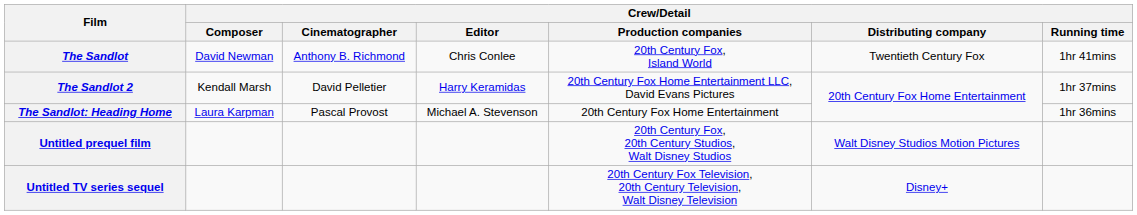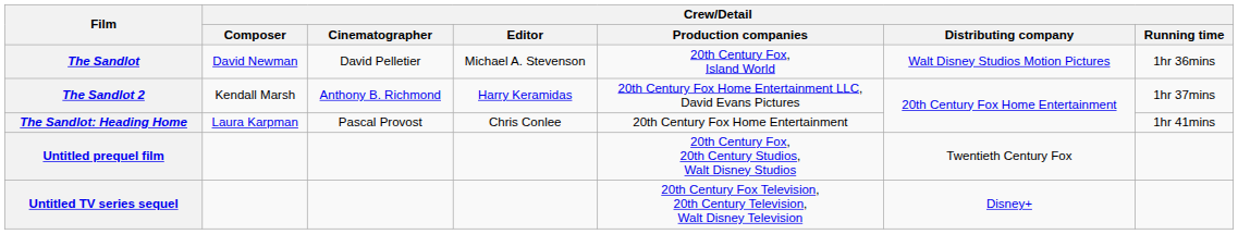 <table class="wikitable sortable" style="text-align:center; width:99%;">
 <tr>
 <th rowspan="2">Film</th>
 <th colspan="7">Crew/Detail</th>
 </tr>
 <tr>
 <th style="text-align:center;">Composer</th>
 <th style="text-align:center;">Cinematographer</th>
 <th style="text-align:center;">Editor</th>
 <th style="text-align:center;">Production companies</th>
 <th style="text-align:center;">Distributing company</th>
 <th style="text-align:center;">Running time</th>
 </tr>
 <tr>
 <th><em><a href='#'>The Sandlot</a></em></th>
 <td><a href='#'>David Newman</a></td>
-<td><a href='#'>Anthony B. Richmond</a></td>
-<td>Chris Conlee</td>
+<td>David Pelletier</td>
+<td>Michael A. Stevenson</td>
 <td><a href='#'>20th Century Fox</a>, <br><a href='#'>Island World</a></td>
-<td>Twentieth Century Fox</td>
-<td>1hr 41mins</td>
+<td><a href='#'>Walt Disney Studios Motion Pictures</a></td>
+<td>1hr 36mins</td>
 </tr>
 <tr>
 <th><em><a href='#'>The Sandlot 2</a></em></th>
 <td>Kendall Marsh</td>
-<td>David Pelletier</td>
+<td><a href='#'>Anthony B. Richmond</a></td>
 <td><a href='#'>Harry Keramidas</a></td>
 <td><a href='#'>20th Century Fox Home Entertainment LLC</a>, <br>David Evans Pictures</td>
 <td rowspan="2"><a href='#'>20th Century Fox Home Entertainment</a></td>
 <td>1hr 37mins</td>
 </tr>
 <tr>
 <th><em><a href='#'>The Sandlot: Heading Home</a></em></th>
 <td><a href='#'>Laura Karpman</a></td>
 <td>Pascal Provost</td>
-<td>Michael A. Stevenson</td>
+<td>Chris Conlee</td>
 <td>20th Century Fox Home Entertainment</td>
-<td>1hr 36mins</td>
+<td>1hr 41mins</td>
 </tr>
 <tr>
 <th><a href='#'>Untitled prequel film</a></th>
 <td></td>
 <td></td>
 <td></td>
 <td><a href='#'>20th Century Fox</a>, <br><a href='#'>20th Century Studios</a>, <br><a href='#'>Walt Disney Studios</a></td>
-<td><a href='#'>Walt Disney Studios Motion Pictures</a></td>
+<td>Twentieth Century Fox</td>
 <td></td>
 </tr>
 <tr>
 <th><a href='#'>Untitled TV series sequel</a></th>
 <td></td>
 <td></td>
 <td></td>
 <td><a href='#'>20th Century Fox Television</a>, <br><a href='#'>20th Century Television</a>, <br><a href='#'>Walt Disney Television</a></td>
 <td><a href='#'>Disney+</a></td>
 <td></td>
 </tr>
 </table>
